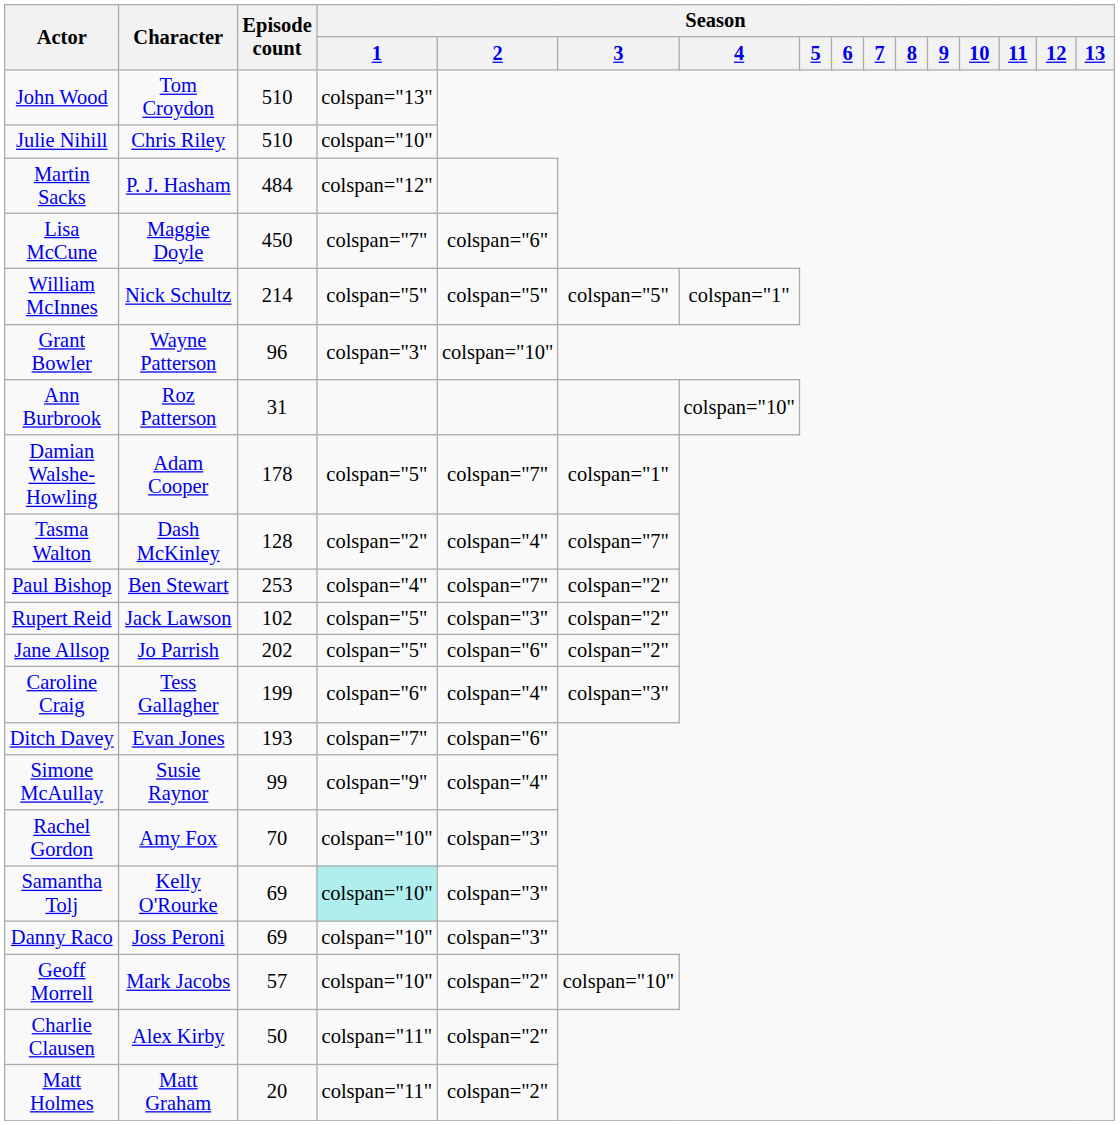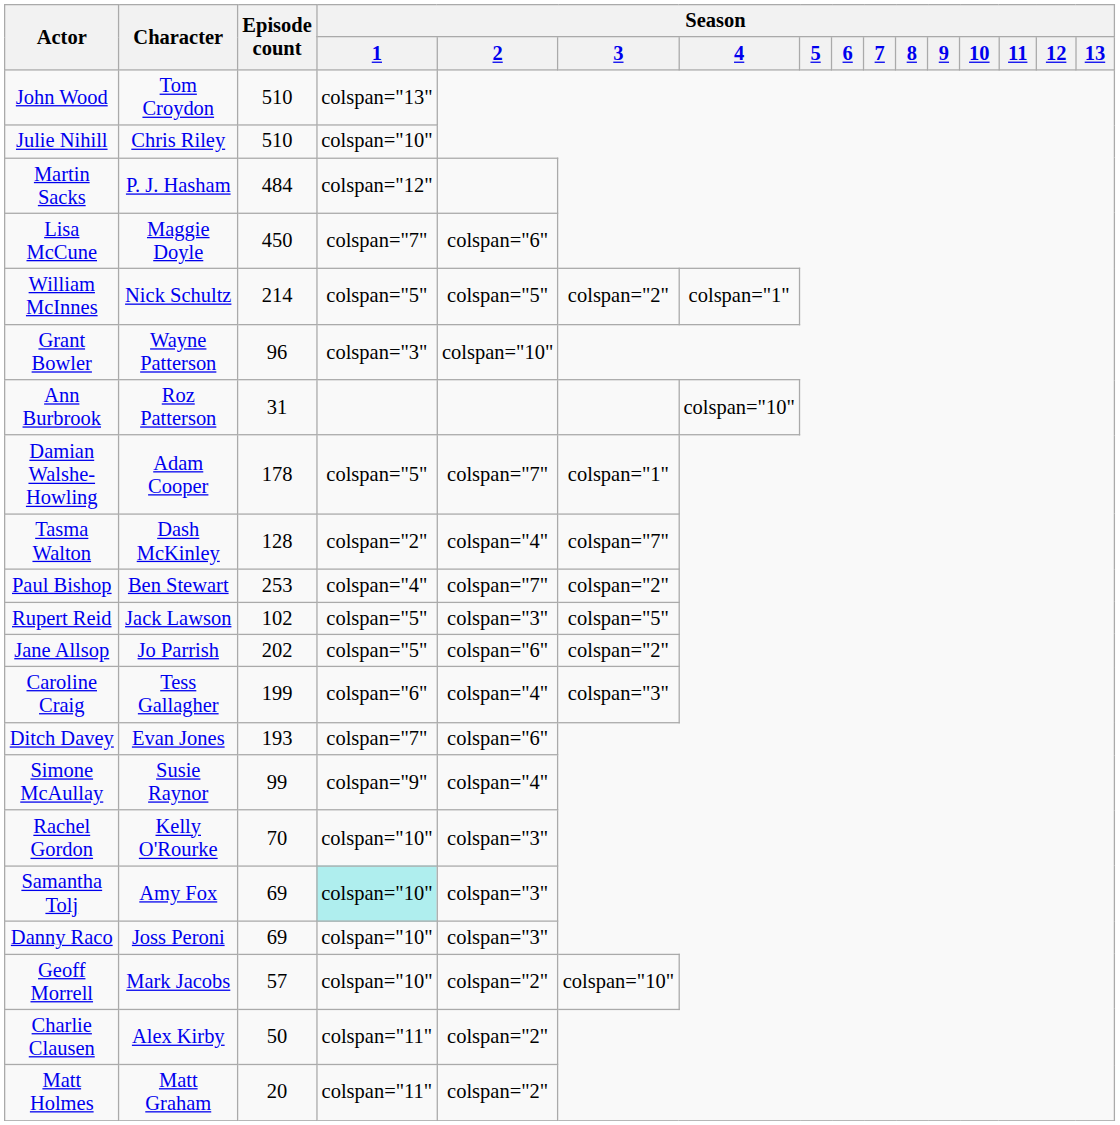 <table class="wikitable plainrowheaders" style="text-align:center">
 <tr>
 <th rowspan="2" style="width:14%;">Actor</th>
 <th rowspan="2" style="width:14%;">Character</th>
 <th rowspan="2" style="width:7%;">Episode count</th>
 <th colspan="13">Season</th>
 </tr>
 <tr>
 <th style="width:5%;"><a href='#'>1</a></th>
 <th style="width:5%;"><a href='#'>2</a></th>
 <th style="width:5%;"><a href='#'>3</a></th>
 <th style="width:5%;"><a href='#'>4</a></th>
 <th style="width:5%;"><a href='#'>5</a></th>
 <th style="width:5%;"><a href='#'>6</a></th>
 <th style="width:5%;"><a href='#'>7</a></th>
 <th style="width:5%;"><a href='#'>8</a></th>
 <th style="width:5%;"><a href='#'>9</a></th>
 <th style="width:5%;"><a href='#'>10</a></th>
 <th style="width:5%;"><a href='#'>11</a></th>
 <th style="width:5%;"><a href='#'>12</a></th>
 <th style="width:5%;"><a href='#'>13</a></th>
 </tr>
 <tr>
 <td><a href='#'>John Wood</a></td>
 <td><a href='#'>Tom Croydon</a></td>
 <td>510</td>
 <td>colspan="13" </td>
 </tr>
 <tr>
 <td><a href='#'>Julie Nihill</a></td>
 <td><a href='#'>Chris Riley</a></td>
 <td>510</td>
 <td>colspan="10" </td>
 </tr>
 <tr>
 <td><a href='#'>Martin Sacks</a></td>
 <td><a href='#'>P. J. Hasham</a></td>
 <td>484</td>
 <td>colspan="12" </td>
 <td></td>
 </tr>
 <tr>
 <td><a href='#'>Lisa McCune</a></td>
 <td><a href='#'>Maggie Doyle</a></td>
 <td>450</td>
 <td>colspan="7" </td>
 <td>colspan="6" </td>
 </tr>
 <tr>
 <td><a href='#'>William McInnes</a></td>
 <td><a href='#'>Nick Schultz</a></td>
 <td>214</td>
 <td>colspan="5" </td>
 <td>colspan="5" </td>
-<td>colspan="5" </td>
+<td>colspan="2" </td>
 <td>colspan="1" </td>
 </tr>
 <tr>
 <td><a href='#'>Grant Bowler</a></td>
 <td><a href='#'>Wayne Patterson</a></td>
 <td>96</td>
 <td>colspan="3" </td>
 <td>colspan="10" </td>
 </tr>
 <tr>
 <td><a href='#'>Ann Burbrook</a></td>
 <td><a href='#'>Roz Patterson</a></td>
 <td>31</td>
 <td></td>
 <td></td>
 <td></td>
 <td>colspan="10" </td>
 </tr>
 <tr>
 <td><a href='#'>Damian Walshe-Howling</a></td>
 <td><a href='#'>Adam Cooper</a></td>
 <td>178</td>
 <td>colspan="5" </td>
 <td>colspan="7" </td>
 <td>colspan="1" </td>
 </tr>
 <tr>
 <td><a href='#'>Tasma Walton</a></td>
 <td><a href='#'>Dash McKinley</a></td>
 <td>128</td>
 <td>colspan="2" </td>
 <td>colspan="4" </td>
 <td>colspan="7" </td>
 </tr>
 <tr>
 <td><a href='#'>Paul Bishop</a></td>
 <td><a href='#'>Ben Stewart</a></td>
 <td>253</td>
 <td>colspan="4" </td>
 <td>colspan="7" </td>
 <td>colspan="2" </td>
 </tr>
 <tr>
 <td><a href='#'>Rupert Reid</a></td>
 <td><a href='#'>Jack Lawson</a></td>
 <td>102</td>
 <td>colspan="5" </td>
 <td>colspan="3" </td>
-<td>colspan="2" </td>
+<td>colspan="5" </td>
 </tr>
 <tr>
 <td><a href='#'>Jane Allsop</a></td>
 <td><a href='#'>Jo Parrish</a></td>
 <td>202</td>
 <td>colspan="5" </td>
 <td>colspan="6" </td>
 <td>colspan="2" </td>
 </tr>
 <tr>
 <td><a href='#'>Caroline Craig</a></td>
 <td><a href='#'>Tess Gallagher</a></td>
 <td>199</td>
 <td>colspan="6" </td>
 <td>colspan="4" </td>
 <td>colspan="3" </td>
 </tr>
 <tr>
 <td><a href='#'>Ditch Davey</a></td>
 <td><a href='#'>Evan Jones</a></td>
 <td>193</td>
 <td>colspan="7" </td>
 <td>colspan="6" </td>
 </tr>
 <tr>
 <td><a href='#'>Simone McAullay</a></td>
 <td><a href='#'>Susie Raynor</a></td>
 <td>99</td>
 <td>colspan="9" </td>
 <td>colspan="4" </td>
 </tr>
 <tr>
 <td><a href='#'>Rachel Gordon</a></td>
-<td><a href='#'>Amy Fox</a></td>
+<td><a href='#'>Kelly O'Rourke</a></td>
 <td>70</td>
 <td>colspan="10" </td>
 <td>colspan="3" </td>
 </tr>
 <tr>
 <td><a href='#'>Samantha Tolj</a></td>
-<td><a href='#'>Kelly O'Rourke</a></td>
+<td><a href='#'>Amy Fox</a></td>
 <td>69</td>
 <td style="background: paleturquoise;">colspan="10" </td>
 <td>colspan="3" </td>
 </tr>
 <tr>
 <td><a href='#'>Danny Raco</a></td>
 <td><a href='#'>Joss Peroni</a></td>
 <td>69</td>
 <td>colspan="10" </td>
 <td>colspan="3" </td>
 </tr>
 <tr>
 <td><a href='#'>Geoff Morrell</a></td>
 <td><a href='#'>Mark Jacobs</a></td>
 <td>57</td>
 <td>colspan="10" </td>
 <td>colspan="2" </td>
 <td>colspan="10" </td>
 </tr>
 <tr>
 <td><a href='#'>Charlie Clausen</a></td>
 <td><a href='#'>Alex Kirby</a></td>
 <td>50</td>
 <td>colspan="11" </td>
 <td>colspan="2" </td>
 </tr>
 <tr>
 <td><a href='#'>Matt Holmes</a></td>
 <td><a href='#'>Matt Graham</a></td>
 <td>20</td>
 <td>colspan="11" </td>
 <td>colspan="2" </td>
 </tr>
 </table>
